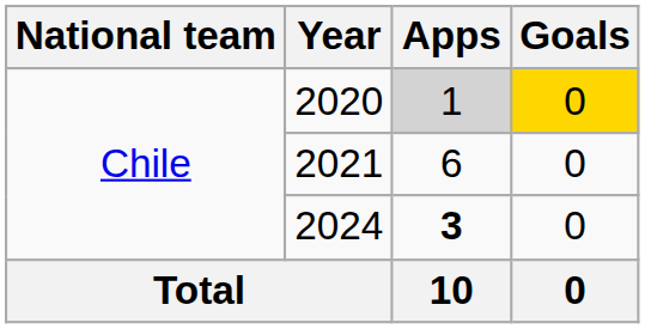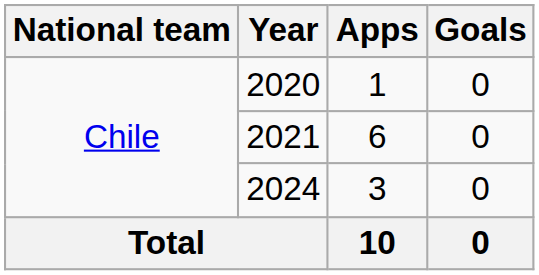 <table class="wikitable" style="text-align:center">
 <tr>
 <th>National team</th>
 <th>Year</th>
 <th>Apps</th>
 <th>Goals</th>
 </tr>
 <tr>
 <td rowspan="3"><a href='#'>Chile</a></td>
 <td>2020</td>
-<td style="background: lightgrey;">1</td>
-<td style="background: gold;">0</td>
+<td>1</td>
+<td>0</td>
 </tr>
 <tr>
 <td>2021</td>
 <td>6</td>
 <td>0</td>
 </tr>
 <tr>
 <td>2024</td>
-<td><strong>3</strong></td>
+<td>3</td>
 <td>0</td>
 </tr>
 <tr>
 <th colspan="2">Total</th>
 <th>10</th>
 <th>0</th>
 </tr>
 </table>
